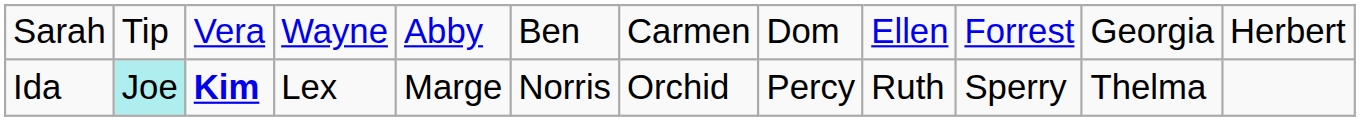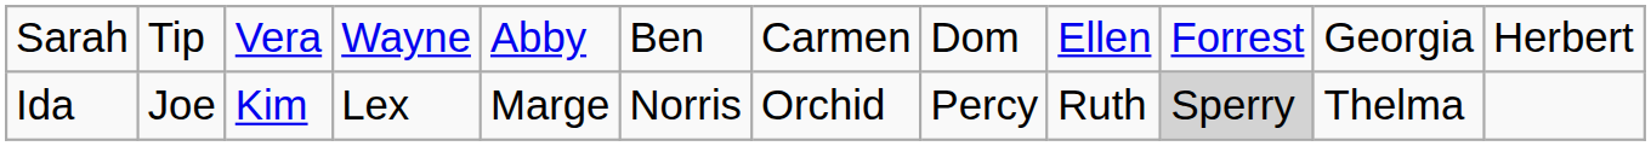 <table class="wikitable">
 <tr>
 <td>Sarah</td>
 <td>Tip</td>
 <td><a href='#'>Vera</a></td>
 <td><a href='#'>Wayne</a></td>
 <td><a href='#'>Abby</a></td>
 <td>Ben</td>
 <td>Carmen</td>
 <td>Dom</td>
 <td><a href='#'>Ellen</a></td>
 <td><a href='#'>Forrest</a></td>
 <td>Georgia</td>
 <td>Herbert</td>
 </tr>
 <tr>
 <td>Ida</td>
-<td style="background: paleturquoise;">Joe</td>
-<td><strong><a href='#'>Kim</a></strong></td>
+<td>Joe</td>
+<td><a href='#'>Kim</a></td>
 <td>Lex</td>
 <td>Marge</td>
 <td>Norris</td>
 <td>Orchid</td>
 <td>Percy</td>
 <td>Ruth</td>
-<td>Sperry</td>
+<td style="background: lightgrey;">Sperry</td>
 <td>Thelma</td>
 </tr>
 </table>
